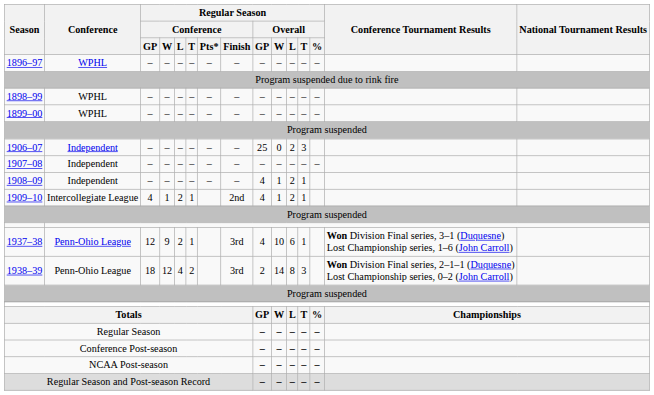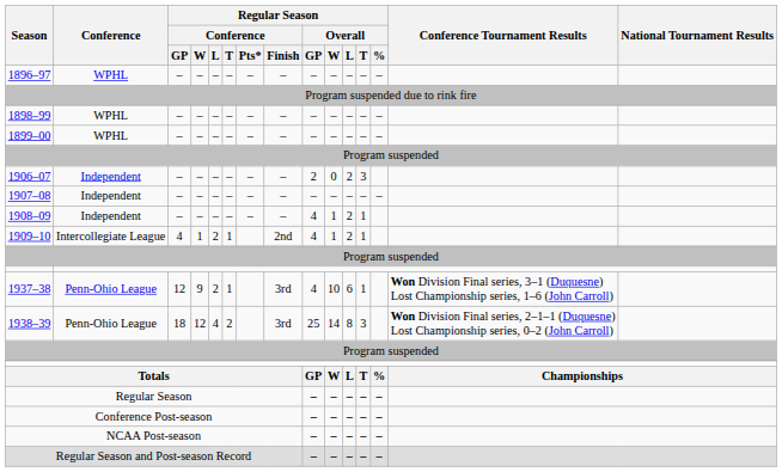 <table class="wikitable" style="text-align: center; font-size: 95%">
 <tr>
 <th rowspan="3">Season</th>
 <th rowspan="3">Conference</th>
 <th colspan="11">Regular Season</th>
 <th rowspan="3">Conference Tournament Results</th>
 <th rowspan="3">National Tournament Results</th>
 </tr>
 <tr>
 <th colspan="6">Conference</th>
 <th colspan="5">Overall</th>
 </tr>
 <tr>
 <th>GP</th>
 <th>W</th>
 <th>L</th>
 <th>T</th>
 <th>Pts*</th>
 <th>Finish</th>
 <th>GP</th>
 <th>W</th>
 <th>L</th>
 <th>T</th>
 <th>%</th>
 </tr>
 <tr>
 <td><a href='#'>1896–97</a></td>
 <td><a href='#'>WPHL</a></td>
 <td>–</td>
 <td>–</td>
 <td>–</td>
 <td>–</td>
 <td>–</td>
 <td>–</td>
 <td>–</td>
 <td>–</td>
 <td>–</td>
 <td>–</td>
 <td>–</td>
 <td align="left"></td>
 <td align="left"></td>
 </tr>
 <tr bgcolor=c0c0c0>
 <td colspan="15">Program suspended due to rink fire</td>
 </tr>
 <tr>
 <td><a href='#'>1898–99</a></td>
 <td>WPHL</td>
 <td>–</td>
 <td>–</td>
 <td>–</td>
 <td>–</td>
 <td>–</td>
 <td>–</td>
 <td>–</td>
 <td>–</td>
 <td>–</td>
 <td>–</td>
 <td>–</td>
 <td align="left"></td>
 <td align="left"></td>
 </tr>
 <tr>
 <td><a href='#'>1899–00</a></td>
 <td>WPHL</td>
 <td>–</td>
 <td>–</td>
 <td>–</td>
 <td>–</td>
 <td>–</td>
 <td>–</td>
 <td>–</td>
 <td>–</td>
 <td>–</td>
 <td>–</td>
 <td>–</td>
 <td align="left"></td>
 <td align="left"></td>
 </tr>
 <tr bgcolor=c0c0c0>
 <td colspan="15">Program suspended</td>
 </tr>
 <tr>
 <td><a href='#'>1906–07</a></td>
 <td><a href='#'>Independent</a></td>
 <td>–</td>
 <td>–</td>
 <td>–</td>
 <td>–</td>
 <td>–</td>
 <td>–</td>
-<td>25</td>
+<td>2</td>
 <td>0</td>
 <td>2</td>
 <td>3</td>
 <td></td>
 <td align="left"></td>
 <td align="left"></td>
 </tr>
 <tr>
 <td><a href='#'>1907–08</a></td>
 <td>Independent</td>
 <td>–</td>
 <td>–</td>
 <td>–</td>
 <td>–</td>
 <td>–</td>
 <td>–</td>
 <td>–</td>
 <td>–</td>
 <td>–</td>
 <td>–</td>
 <td>–</td>
 <td align="left"></td>
 <td align="left"></td>
 </tr>
 <tr>
 <td><a href='#'>1908–09</a></td>
 <td>Independent</td>
 <td>–</td>
 <td>–</td>
 <td>–</td>
 <td>–</td>
 <td>–</td>
 <td>–</td>
 <td>4</td>
 <td>1</td>
 <td>2</td>
 <td>1</td>
 <td></td>
 <td align="left"></td>
 <td align="left"></td>
 </tr>
 <tr>
 <td><a href='#'>1909–10</a></td>
 <td>Intercollegiate League</td>
 <td>4</td>
 <td>1</td>
 <td>2</td>
 <td>1</td>
 <td></td>
 <td>2nd</td>
 <td>4</td>
 <td>1</td>
 <td>2</td>
 <td>1</td>
 <td></td>
 <td align="left"></td>
 <td align="left"></td>
 </tr>
 <tr bgcolor=c0c0c0>
 <td colspan="15">Program suspended</td>
 </tr>
 <tr>
 <td><a href='#'></a> </td>
 </tr>
 <tr>
 <td><a href='#'>1937–38</a></td>
 <td><a href='#'>Penn-Ohio League</a></td>
 <td>12</td>
 <td>9</td>
 <td>2</td>
 <td>1</td>
 <td></td>
 <td>3rd</td>
 <td>4</td>
 <td>10</td>
 <td>6</td>
 <td>1</td>
 <td></td>
 <td align="left"><strong>Won</strong> Division Final series, 3–1 (<a href='#'>Duquesne</a>)<br>Lost Championship series, 1–6 (<a href='#'>John Carroll</a>)</td>
 <td align="left"></td>
 </tr>
 <tr>
 <td><a href='#'>1938–39</a></td>
 <td>Penn-Ohio League</td>
 <td>18</td>
 <td>12</td>
 <td>4</td>
 <td>2</td>
 <td></td>
 <td>3rd</td>
-<td>2</td>
+<td>25</td>
 <td>14</td>
 <td>8</td>
 <td>3</td>
 <td></td>
 <td align="left"><strong>Won</strong> Division Final series, 2–1–1 (<a href='#'>Duquesne</a>)<br>Lost Championship series, 0–2 (<a href='#'>John Carroll</a>)</td>
 <td align="left"></td>
 </tr>
 <tr bgcolor=c0c0c0>
 <td colspan="15">Program suspended</td>
 </tr>
 <tr>
 </tr>
 <tr ->
 </tr>
 <tr>
 <td colspan="16" style="background:#fff;"></td>
 </tr>
 <tr>
 <th colspan="8">Totals</th>
 <th>GP</th>
 <th>W</th>
 <th>L</th>
 <th>T</th>
 <th>%</th>
 <th colspan="2">Championships</th>
 </tr>
 <tr>
 <td colspan="8">Regular Season</td>
 <td><strong>–</strong></td>
 <td><strong>–</strong></td>
 <td><strong>–</strong></td>
 <td><strong>–</strong></td>
 <td><strong>–</strong></td>
 <td colspan="2" align="left"></td>
 </tr>
 <tr>
 <td colspan="8">Conference Post-season</td>
 <td><strong>–</strong></td>
 <td><strong>–</strong></td>
 <td><strong>–</strong></td>
 <td><strong>–</strong></td>
 <td><strong>–</strong></td>
 <td colspan="2" align="left"></td>
 </tr>
 <tr>
 <td colspan="8">NCAA Post-season</td>
 <td><strong>–</strong></td>
 <td><strong>–</strong></td>
 <td><strong>–</strong></td>
 <td><strong>–</strong></td>
 <td><strong>–</strong></td>
 <td colspan="2" align="left"></td>
 </tr>
 <tr bgcolor=dddddd>
 <td colspan="8">Regular Season and Post-season Record</td>
 <td><strong>–</strong></td>
 <td><strong>–</strong></td>
 <td><strong>–</strong></td>
 <td><strong>–</strong></td>
 <td><strong>–</strong></td>
 <td colspan="2" align="left"></td>
 </tr>
 </table>
